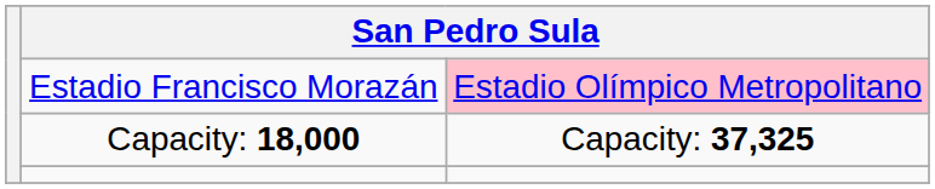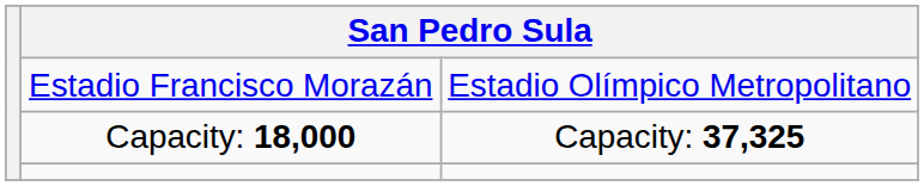 <table class="wikitable" style="text-align:center">
 <tr>
 <th rowspan="4"></th>
 <th colspan="2"><a href='#'>San Pedro Sula</a></th>
 </tr>
 <tr>
 <td><a href='#'>Estadio Francisco Morazán</a></td>
-<td style="background: pink;"><a href='#'>Estadio Olímpico Metropolitano</a></td>
+<td><a href='#'>Estadio Olímpico Metropolitano</a></td>
 </tr>
 <tr>
 <td>Capacity: <strong>18,000</strong></td>
 <td>Capacity: <strong>37,325</strong></td>
 </tr>
 <tr>
 <td></td>
 <td></td>
 </tr>
 </table>
